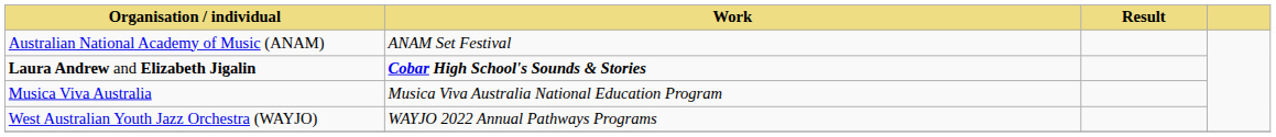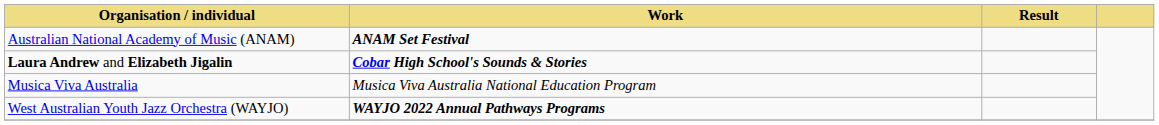 <table class="wikitable" width=100%>
 <tr>
 <th style="width:30%;background:#EEDD82;">Organisation / individual</th>
 <th style="width:55%;background:#EEDD82;">Work</th>
 <th style="width:10%;background:#EEDD82;">Result</th>
 <th style="width:5%;background:#EEDD82;"></th>
 </tr>
 <tr>
 <td><a href='#'>Australian National Academy of Music</a> (ANAM)</td>
-<td><em>ANAM Set Festival</em></td>
+<td><strong><em>ANAM Set Festival</em></strong></td>
 <td></td>
 <td rowspan="4"></td>
 </tr>
 <tr>
 <td><strong>Laura Andrew</strong> and <strong>Elizabeth Jigalin</strong></td>
 <td><strong><em><a href='#'>Cobar</a> High School's Sounds & Stories</em></strong></td>
 <td></td>
 </tr>
 <tr>
 <td><a href='#'>Musica Viva Australia</a></td>
 <td><em>Musica Viva Australia National Education Program</em></td>
 <td></td>
 </tr>
 <tr>
 <td><a href='#'>West Australian Youth Jazz Orchestra</a> (WAYJO)</td>
-<td><em>WAYJO 2022 Annual Pathways Programs</em></td>
+<td><strong><em>WAYJO 2022 Annual Pathways Programs</em></strong></td>
 <td></td>
 </tr>
 <tr>
 </tr>
 </table>
